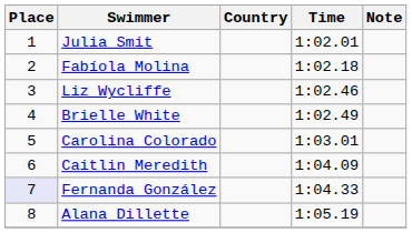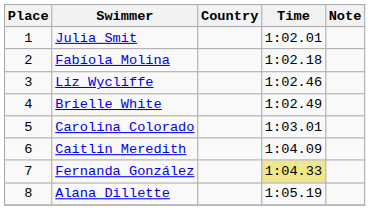 <table class="wikitable" style="text-align:center">
 <tr>
 <th>Place</th>
 <th>Swimmer</th>
 <th>Country</th>
 <th>Time</th>
 <th>Note</th>
 </tr>
 <tr>
 <td>1</td>
 <td align=left><a href='#'>Julia Smit</a></td>
 <td align=left></td>
 <td>1:02.01</td>
 <td></td>
 </tr>
 <tr>
 <td>2</td>
 <td align=left><a href='#'>Fabíola Molina</a></td>
 <td align=left></td>
 <td>1:02.18</td>
 <td></td>
 </tr>
 <tr>
 <td>3</td>
 <td align=left><a href='#'>Liz Wycliffe</a></td>
 <td align=left></td>
 <td>1:02.46</td>
 <td></td>
 </tr>
 <tr>
 <td>4</td>
 <td align=left><a href='#'>Brielle White</a></td>
 <td align=left></td>
 <td>1:02.49</td>
 <td></td>
 </tr>
 <tr>
 <td>5</td>
 <td align=left><a href='#'>Carolina Colorado</a></td>
 <td align=left></td>
 <td>1:03.01</td>
 <td></td>
 </tr>
 <tr>
 <td>6</td>
 <td align=left><a href='#'>Caitlin Meredith</a></td>
 <td align=left></td>
 <td>1:04.09</td>
 <td></td>
 </tr>
 <tr>
-<td style="background: lavender;">7</td>
+<td>7</td>
 <td align=left><a href='#'>Fernanda González</a></td>
 <td align=left></td>
-<td>1:04.33</td>
+<td style="background: khaki;">1:04.33</td>
 <td></td>
 </tr>
 <tr>
 <td>8</td>
 <td align=left><a href='#'>Alana Dillette</a></td>
 <td align=left></td>
 <td>1:05.19</td>
 <td></td>
 </tr>
 <tr>
 </tr>
 </table>
